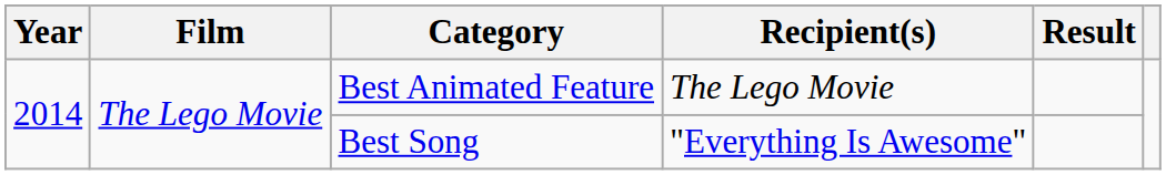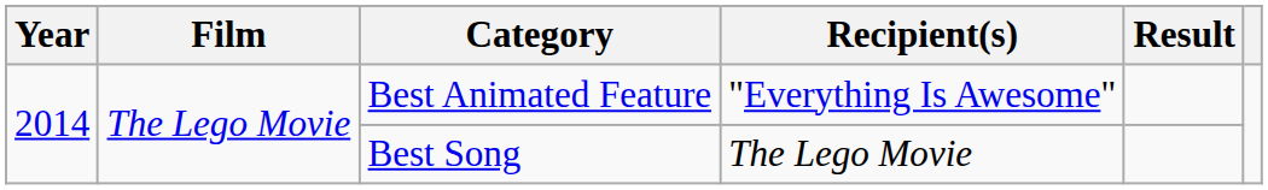 <table class="wikitable sortable plainrowheaders">
 <tr>
 <th>Year</th>
 <th>Film</th>
 <th>Category</th>
 <th>Recipient(s)</th>
 <th>Result</th>
 <th></th>
 </tr>
 <tr>
 <td rowspan="2"><a href='#'>2014</a></td>
 <td rowspan="2"><em><a href='#'>The Lego Movie</a></em></td>
 <td><a href='#'>Best Animated Feature</a></td>
-<td><em>The Lego Movie</em></td>
+<td data-sort-value="Everything Is Awesome">"<a href='#'>Everything Is Awesome</a>"</td>
 <td></td>
 <td rowspan="2" style="text-align:center;"></td>
 </tr>
 <tr>
 <td><a href='#'>Best Song</a></td>
-<td data-sort-value="Everything Is Awesome">"<a href='#'>Everything Is Awesome</a>"</td>
+<td><em>The Lego Movie</em></td>
 <td></td>
 </tr>
 </table>
